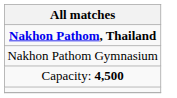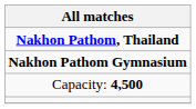 <table class="wikitable" style="text-align:center;">
 <tr>
 <th colspan=2>All matches</th>
 </tr>
 <tr>
 <td><strong><a href='#'>Nakhon Pathom</a>, Thailand</strong></td>
 </tr>
 <tr>
-<td>Nakhon Pathom Gymnasium</td>
+<td><strong>Nakhon Pathom Gymnasium</strong></td>
 </tr>
 <tr>
 <td>Capacity: <strong>4,500</strong></td>
 </tr>
 <tr>
 <td></td>
 </tr>
 <tr>
 </tr>
 </table>
